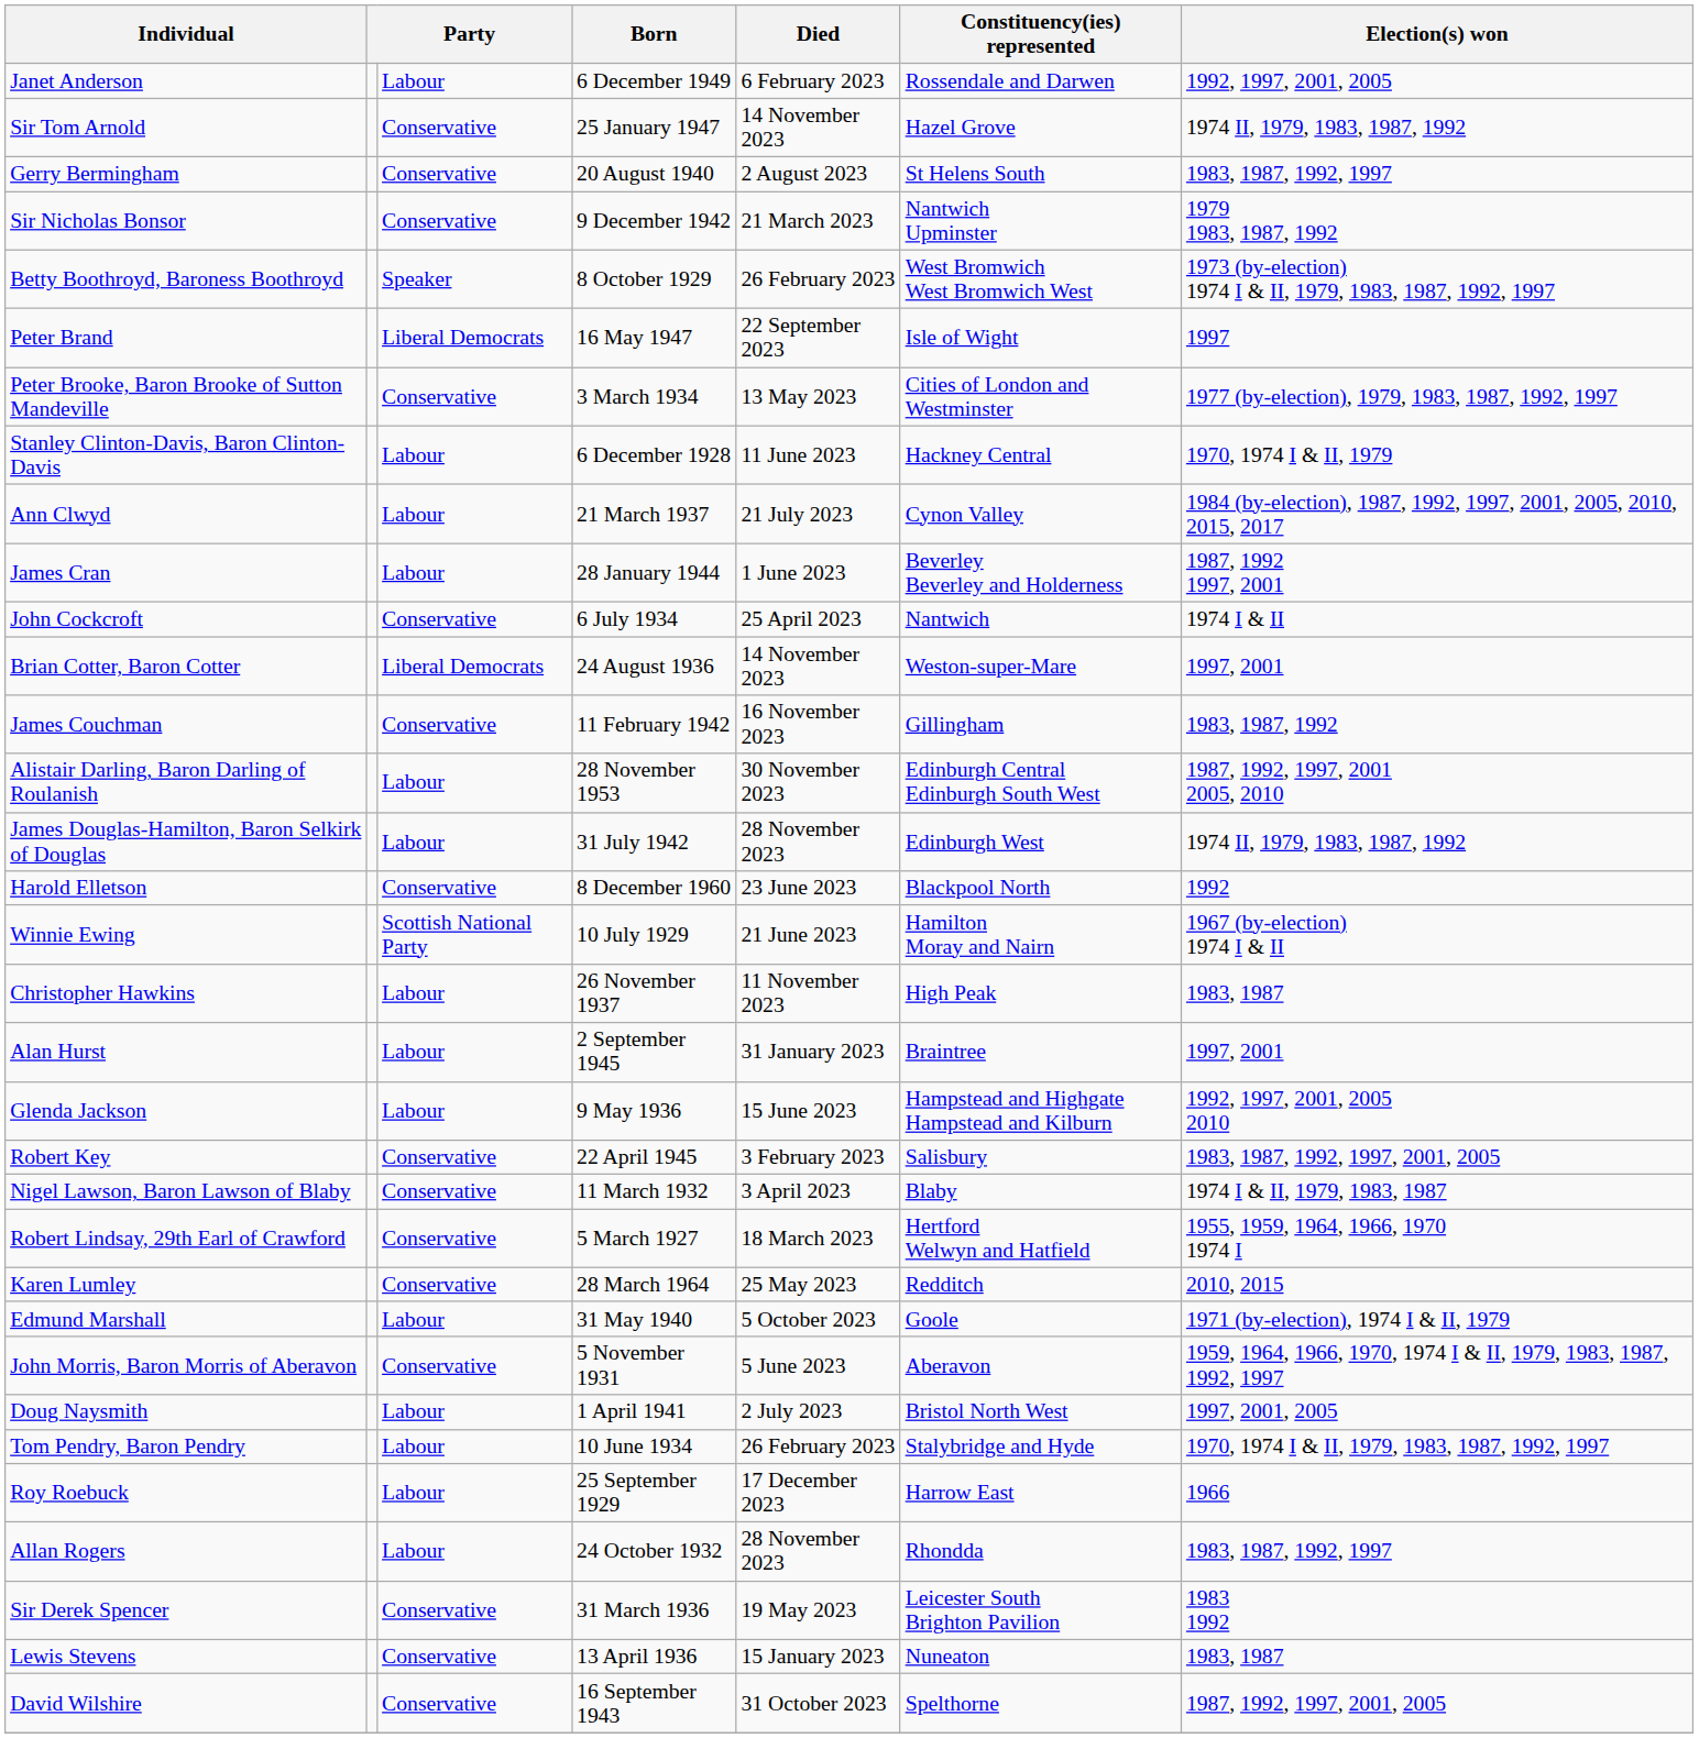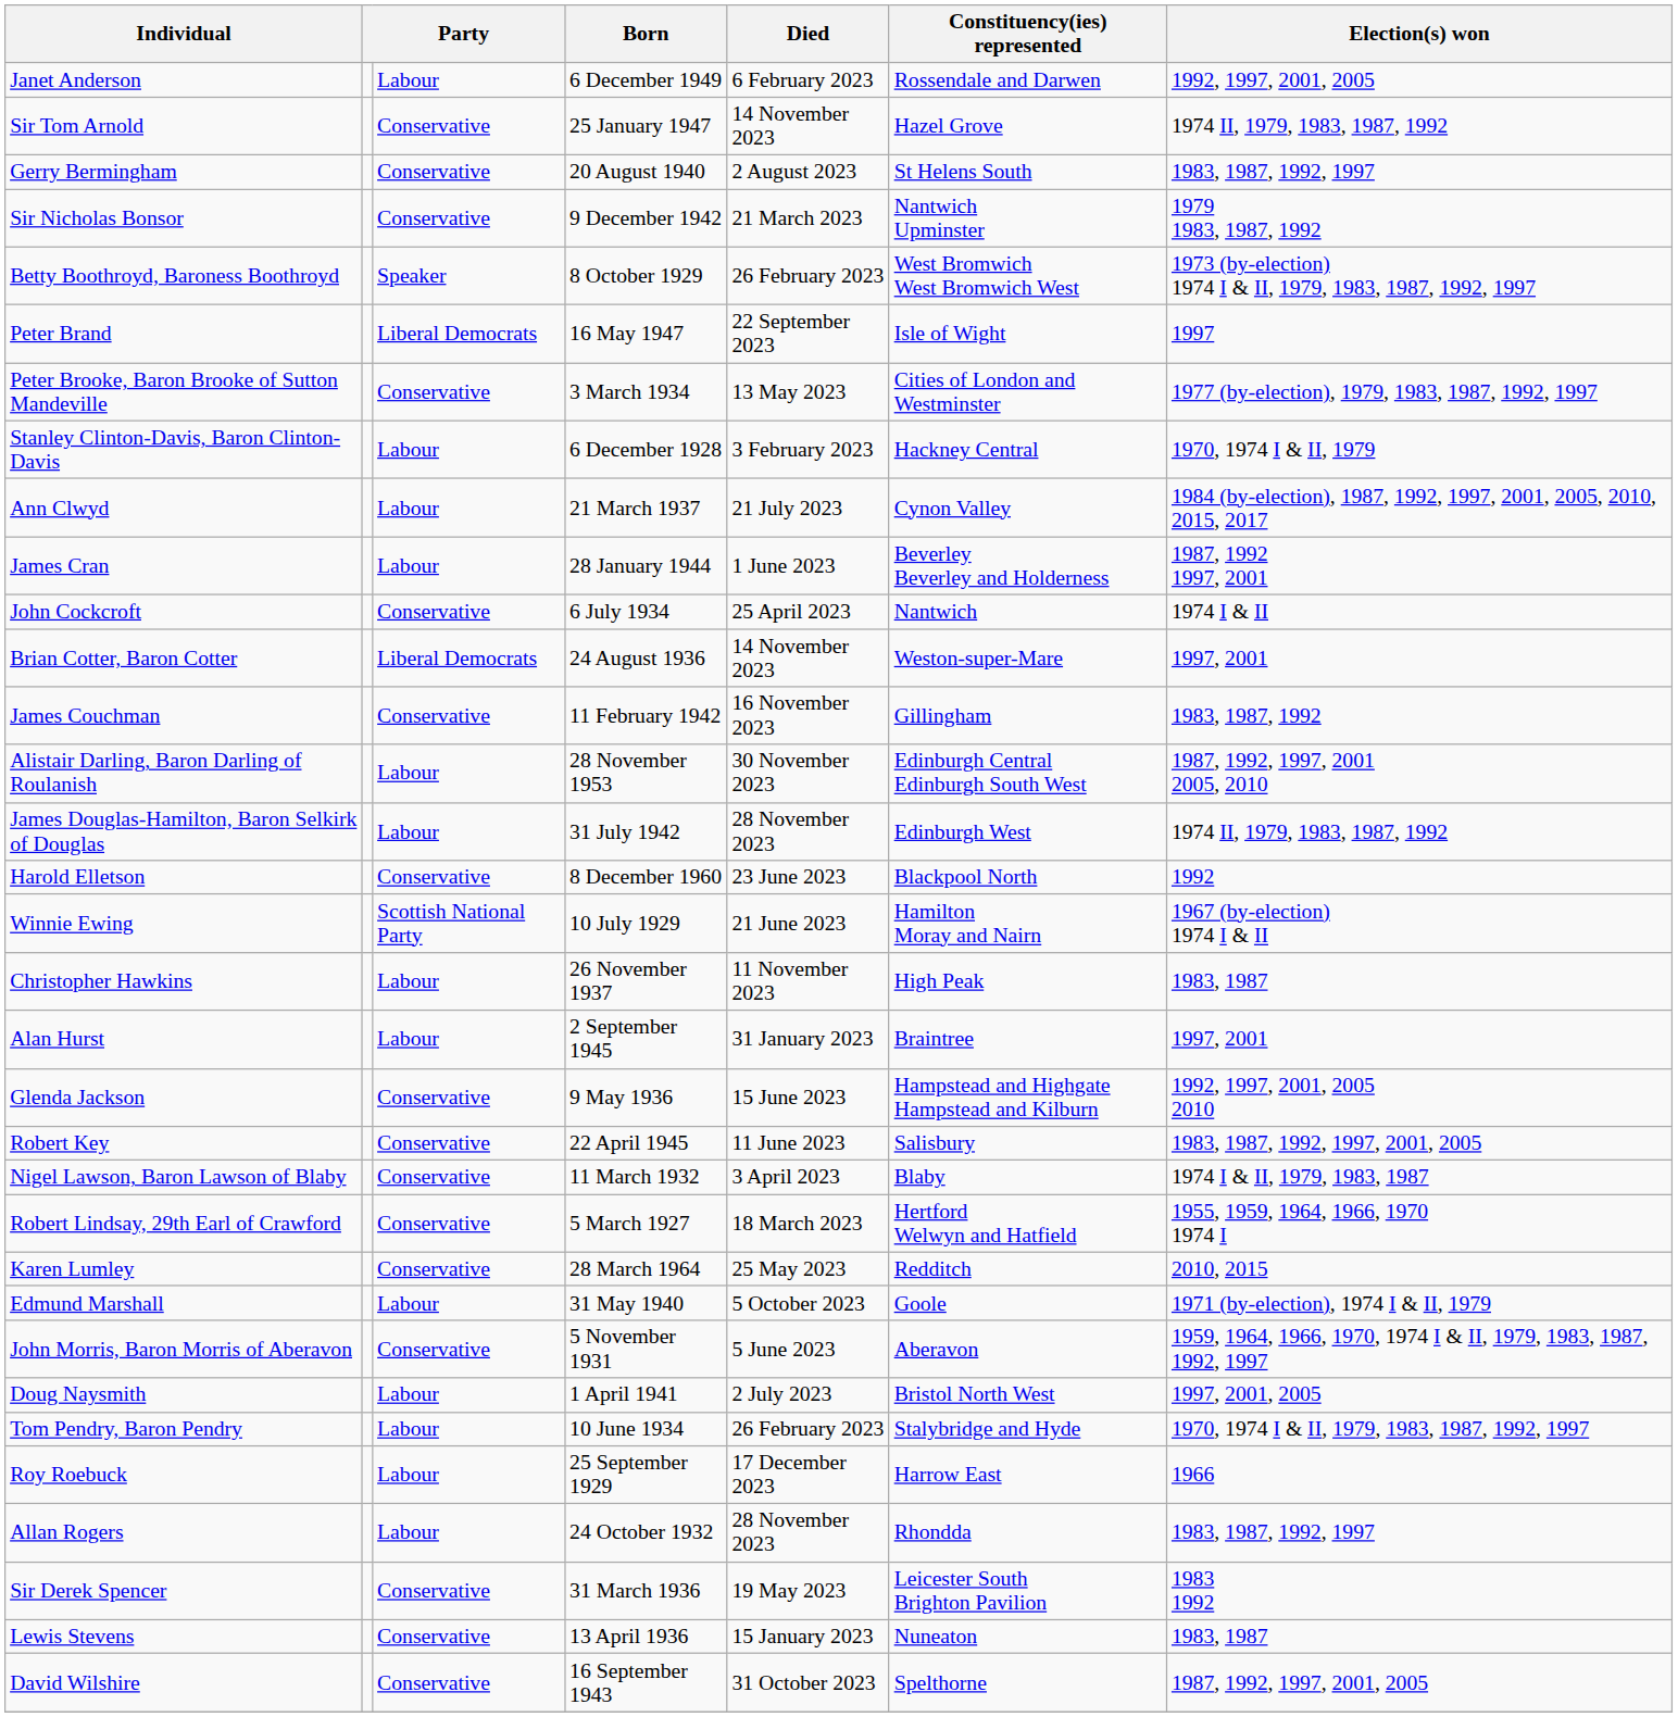 <table class="wikitable sortable">
 <tr>
 <th width="260px">Individual</th>
 <th colspan="2">Party</th>
 <th>Born</th>
 <th>Died</th>
 <th>Constituency(ies) represented</th>
 <th>Election(s) won</th>
 </tr>
 <tr>
 <td><a href='#'>Janet Anderson</a></td>
 <td style="background-color: "></td>
 <td><a href='#'>Labour</a></td>
 <td>6 December 1949</td>
 <td>6 February 2023</td>
 <td><a href='#'>Rossendale and Darwen</a></td>
 <td><a href='#'>1992</a>, <a href='#'>1997</a>, <a href='#'>2001</a>, <a href='#'>2005</a></td>
 </tr>
 <tr>
 <td><a href='#'>Sir Tom Arnold</a></td>
 <td style="background-color: "></td>
 <td><a href='#'>Conservative</a></td>
 <td>25 January 1947</td>
 <td>14 November 2023</td>
 <td><a href='#'>Hazel Grove</a></td>
 <td>1974 <a href='#'>II</a>, <a href='#'>1979</a>, <a href='#'>1983</a>, <a href='#'>1987</a>, <a href='#'>1992</a></td>
 </tr>
 <tr>
 <td><a href='#'>Gerry Bermingham</a></td>
 <td style="background-color: "></td>
 <td><a href='#'>Conservative</a></td>
 <td>20 August 1940</td>
 <td>2 August 2023</td>
 <td><a href='#'>St Helens South</a></td>
 <td><a href='#'>1983</a>, <a href='#'>1987</a>, <a href='#'>1992</a>, <a href='#'>1997</a></td>
 </tr>
 <tr>
 <td><a href='#'>Sir Nicholas Bonsor</a></td>
 <td style="background-color: "></td>
 <td><a href='#'>Conservative</a></td>
 <td>9 December 1942</td>
 <td>21 March 2023</td>
 <td><a href='#'>Nantwich</a><br><a href='#'>Upminster</a></td>
 <td><a href='#'>1979</a><br><a href='#'>1983</a>, <a href='#'>1987</a>, <a href='#'>1992</a></td>
 </tr>
 <tr>
 <td><a href='#'>Betty Boothroyd, Baroness Boothroyd</a></td>
 <td style="background-color: "></td>
 <td><a href='#'>Speaker</a></td>
 <td>8 October 1929</td>
 <td>26 February 2023</td>
 <td><a href='#'>West Bromwich</a><br><a href='#'>West Bromwich West</a></td>
 <td><a href='#'>1973 (by-election)</a><br>1974 <a href='#'>I</a> & <a href='#'>II</a>, <a href='#'>1979</a>, <a href='#'>1983</a>, <a href='#'>1987</a>, <a href='#'>1992</a>, <a href='#'>1997</a></td>
 </tr>
 <tr>
 <td><a href='#'>Peter Brand</a></td>
 <td style="background-color: "></td>
 <td><a href='#'>Liberal Democrats</a></td>
 <td>16 May 1947</td>
 <td>22 September 2023</td>
 <td><a href='#'>Isle of Wight</a></td>
 <td><a href='#'>1997</a></td>
 </tr>
 <tr>
 <td><a href='#'>Peter Brooke, Baron Brooke of Sutton Mandeville</a></td>
 <td style="background-color: "></td>
 <td><a href='#'>Conservative</a></td>
 <td>3 March 1934</td>
 <td>13 May 2023</td>
 <td><a href='#'>Cities of London and Westminster</a></td>
 <td><a href='#'>1977 (by-election)</a>, <a href='#'>1979</a>, <a href='#'>1983</a>, <a href='#'>1987</a>, <a href='#'>1992</a>, <a href='#'>1997</a></td>
 </tr>
 <tr>
 <td><a href='#'>Stanley Clinton-Davis, Baron Clinton-Davis</a></td>
 <td style="background-color: "></td>
 <td><a href='#'>Labour</a></td>
 <td>6 December 1928</td>
-<td>11 June 2023</td>
+<td>3 February 2023</td>
 <td><a href='#'>Hackney Central</a></td>
 <td><a href='#'>1970</a>, 1974 <a href='#'>I</a> & <a href='#'>II</a>, <a href='#'>1979</a></td>
 </tr>
 <tr>
 <td><a href='#'>Ann Clwyd</a></td>
 <td style="background-color: "></td>
 <td><a href='#'>Labour</a></td>
 <td>21 March 1937</td>
 <td>21 July 2023</td>
 <td><a href='#'>Cynon Valley</a></td>
 <td><a href='#'>1984 (by-election)</a>, <a href='#'>1987</a>, <a href='#'>1992</a>, <a href='#'>1997</a>, <a href='#'>2001</a>, <a href='#'>2005</a>, <a href='#'>2010</a>, <a href='#'>2015</a>, <a href='#'>2017</a></td>
 </tr>
 <tr>
 <td><a href='#'>James Cran</a></td>
 <td style="background-color: "></td>
 <td><a href='#'>Labour</a></td>
 <td>28 January 1944</td>
 <td> 1 June 2023</td>
 <td><a href='#'>Beverley</a><br><a href='#'>Beverley and Holderness</a></td>
 <td><a href='#'>1987</a>, <a href='#'>1992</a><br><a href='#'>1997</a>, <a href='#'>2001</a></td>
 </tr>
 <tr>
 <td><a href='#'>John Cockcroft</a></td>
 <td style="background-color: "></td>
 <td><a href='#'>Conservative</a></td>
 <td>6 July 1934</td>
 <td>25 April 2023</td>
 <td><a href='#'>Nantwich</a></td>
 <td>1974 <a href='#'>I</a> & <a href='#'>II</a></td>
 </tr>
 <tr>
 <td><a href='#'>Brian Cotter, Baron Cotter</a></td>
 <td style="background-color: "></td>
 <td><a href='#'>Liberal Democrats</a></td>
 <td>24 August 1936</td>
 <td>14 November 2023</td>
 <td><a href='#'>Weston-super-Mare</a></td>
 <td><a href='#'>1997</a>, <a href='#'>2001</a></td>
 </tr>
 <tr>
 <td><a href='#'>James Couchman</a></td>
 <td style="background-color: "></td>
 <td><a href='#'>Conservative</a></td>
 <td>11 February 1942</td>
 <td>16 November 2023</td>
 <td><a href='#'>Gillingham</a></td>
 <td><a href='#'>1983</a>, <a href='#'>1987</a>, <a href='#'>1992</a></td>
 </tr>
 <tr>
 <td><a href='#'>Alistair Darling, Baron Darling of Roulanish</a></td>
 <td style="background-color: "></td>
 <td><a href='#'>Labour</a></td>
 <td>28 November 1953</td>
 <td>30 November 2023</td>
 <td><a href='#'>Edinburgh Central</a><br><a href='#'>Edinburgh South West</a></td>
 <td><a href='#'>1987</a>, <a href='#'>1992</a>, <a href='#'>1997</a>, <a href='#'>2001</a><br><a href='#'>2005</a>, <a href='#'>2010</a></td>
 </tr>
 <tr>
 <td><a href='#'>James Douglas-Hamilton, Baron Selkirk of Douglas</a></td>
 <td style="background-color: "></td>
 <td><a href='#'>Labour</a></td>
 <td>31 July 1942</td>
 <td>28 November 2023</td>
 <td><a href='#'>Edinburgh West</a></td>
 <td>1974 <a href='#'>II</a>, <a href='#'>1979</a>, <a href='#'>1983</a>, <a href='#'>1987</a>, <a href='#'>1992</a></td>
 </tr>
 <tr>
 <td><a href='#'>Harold Elletson</a></td>
 <td style="background-color: "></td>
 <td><a href='#'>Conservative</a></td>
 <td>8 December 1960</td>
 <td>23 June 2023</td>
 <td><a href='#'>Blackpool North</a></td>
 <td><a href='#'>1992</a></td>
 </tr>
 <tr>
 <td><a href='#'>Winnie Ewing</a></td>
 <td style="background-color: "></td>
 <td><a href='#'>Scottish National Party</a></td>
 <td>10 July 1929</td>
 <td>21 June 2023</td>
 <td><a href='#'>Hamilton</a><br><a href='#'>Moray and Nairn</a></td>
 <td><a href='#'>1967 (by-election)</a><br>1974 <a href='#'>I</a> & <a href='#'>II</a></td>
 </tr>
 <tr>
 <td><a href='#'>Christopher Hawkins</a></td>
 <td style="background-color: "></td>
 <td><a href='#'>Labour</a></td>
 <td>26 November 1937</td>
 <td>11 November 2023</td>
 <td><a href='#'>High Peak</a></td>
 <td><a href='#'>1983</a>, <a href='#'>1987</a></td>
 </tr>
 <tr>
 <td><a href='#'>Alan Hurst</a></td>
 <td style="background-color: "></td>
 <td><a href='#'>Labour</a></td>
 <td>2 September 1945</td>
 <td>31 January 2023</td>
 <td><a href='#'>Braintree</a></td>
 <td><a href='#'>1997</a>, <a href='#'>2001</a></td>
 </tr>
 <tr>
 <td><a href='#'>Glenda Jackson</a></td>
 <td style="background-color: "></td>
-<td><a href='#'>Labour</a></td>
+<td><a href='#'>Conservative</a></td>
 <td>9 May 1936</td>
 <td>15 June 2023</td>
 <td><a href='#'>Hampstead and Highgate</a><br><a href='#'>Hampstead and Kilburn</a></td>
 <td><a href='#'>1992</a>, <a href='#'>1997</a>, <a href='#'>2001</a>, <a href='#'>2005</a><br><a href='#'>2010</a></td>
 </tr>
 <tr>
 <td><a href='#'>Robert Key</a></td>
 <td style="background-color: "></td>
 <td><a href='#'>Conservative</a></td>
 <td>22 April 1945</td>
-<td>3 February 2023</td>
+<td>11 June 2023</td>
 <td><a href='#'>Salisbury</a></td>
 <td><a href='#'>1983</a>, <a href='#'>1987</a>, <a href='#'>1992</a>, <a href='#'>1997</a>, <a href='#'>2001</a>, <a href='#'>2005</a></td>
 </tr>
 <tr>
 <td><a href='#'>Nigel Lawson, Baron Lawson of Blaby</a></td>
 <td style="background-color: "></td>
 <td><a href='#'>Conservative</a></td>
 <td>11 March 1932</td>
 <td>3 April 2023</td>
 <td><a href='#'>Blaby</a></td>
 <td>1974 <a href='#'>I</a> & <a href='#'>II</a>, <a href='#'>1979</a>, <a href='#'>1983</a>, <a href='#'>1987</a></td>
 </tr>
 <tr>
 <td><a href='#'>Robert Lindsay, 29th Earl of Crawford</a></td>
 <td style="background-color: "></td>
 <td><a href='#'>Conservative</a></td>
 <td>5 March 1927</td>
 <td>18 March 2023</td>
 <td><a href='#'>Hertford</a><br><a href='#'>Welwyn and Hatfield</a></td>
 <td><a href='#'>1955</a>, <a href='#'>1959</a>, <a href='#'>1964</a>, <a href='#'>1966</a>, <a href='#'>1970</a><br>1974 <a href='#'>I</a></td>
 </tr>
 <tr>
 <td><a href='#'>Karen Lumley</a></td>
 <td style="background-color: "></td>
 <td><a href='#'>Conservative</a></td>
 <td>28 March 1964</td>
 <td>25 May 2023</td>
 <td><a href='#'>Redditch</a></td>
 <td><a href='#'>2010</a>, <a href='#'>2015</a></td>
 </tr>
 <tr>
 <td><a href='#'>Edmund Marshall</a></td>
 <td style="background-color: "></td>
 <td><a href='#'>Labour</a></td>
 <td>31 May 1940</td>
 <td>5 October 2023</td>
 <td><a href='#'>Goole</a></td>
 <td><a href='#'>1971 (by-election)</a>, 1974 <a href='#'>I</a> & <a href='#'>II</a>, <a href='#'>1979</a></td>
 </tr>
 <tr>
 <td><a href='#'>John Morris, Baron Morris of Aberavon</a></td>
 <td style="background-color: "></td>
 <td><a href='#'>Conservative</a></td>
 <td>5 November 1931</td>
 <td>5 June 2023</td>
 <td><a href='#'>Aberavon</a></td>
 <td><a href='#'>1959</a>, <a href='#'>1964</a>, <a href='#'>1966</a>, <a href='#'>1970</a>, 1974 <a href='#'>I</a> & <a href='#'>II</a>, <a href='#'>1979</a>, <a href='#'>1983</a>, <a href='#'>1987</a>, <a href='#'>1992</a>, <a href='#'>1997</a></td>
 </tr>
 <tr>
 <td><a href='#'>Doug Naysmith</a></td>
 <td style="background-color: "></td>
 <td><a href='#'>Labour</a></td>
 <td>1 April 1941</td>
 <td>2 July 2023</td>
 <td><a href='#'>Bristol North West</a></td>
 <td><a href='#'>1997</a>, <a href='#'>2001</a>, <a href='#'>2005</a></td>
 </tr>
 <tr>
 <td><a href='#'>Tom Pendry, Baron Pendry</a></td>
 <td style="background-color: "></td>
 <td><a href='#'>Labour</a></td>
 <td>10 June 1934</td>
 <td>26 February 2023</td>
 <td><a href='#'>Stalybridge and Hyde</a></td>
 <td><a href='#'>1970</a>, 1974 <a href='#'>I</a> & <a href='#'>II</a>, <a href='#'>1979</a>, <a href='#'>1983</a>, <a href='#'>1987</a>, <a href='#'>1992</a>, <a href='#'>1997</a></td>
 </tr>
 <tr>
 <td><a href='#'>Roy Roebuck</a></td>
 <td style="background-color: "></td>
 <td><a href='#'>Labour</a></td>
 <td>25 September 1929</td>
 <td>17 December 2023</td>
 <td><a href='#'>Harrow East</a></td>
 <td><a href='#'>1966</a></td>
 </tr>
 <tr>
 <td><a href='#'>Allan Rogers</a></td>
 <td style="background-color: "></td>
 <td><a href='#'>Labour</a></td>
 <td>24 October 1932</td>
 <td>28 November 2023</td>
 <td><a href='#'>Rhondda</a></td>
 <td><a href='#'>1983</a>, <a href='#'>1987</a>, <a href='#'>1992</a>, <a href='#'>1997</a></td>
 </tr>
 <tr>
 <td><a href='#'>Sir Derek Spencer</a></td>
 <td style="background-color: "></td>
 <td><a href='#'>Conservative</a></td>
 <td>31 March 1936</td>
 <td>19 May 2023</td>
 <td><a href='#'>Leicester South</a><br><a href='#'>Brighton Pavilion</a></td>
 <td><a href='#'>1983</a><br><a href='#'>1992</a></td>
 </tr>
 <tr>
 <td><a href='#'>Lewis Stevens</a></td>
 <td style="background-color: "></td>
 <td><a href='#'>Conservative</a></td>
 <td>13 April 1936</td>
 <td>15 January 2023</td>
 <td><a href='#'>Nuneaton</a></td>
 <td><a href='#'>1983</a>, <a href='#'>1987</a></td>
 </tr>
 <tr>
 <td><a href='#'>David Wilshire</a></td>
 <td style="background-color: "></td>
 <td><a href='#'>Conservative</a></td>
 <td>16 September 1943</td>
 <td>31 October 2023</td>
 <td><a href='#'>Spelthorne</a></td>
 <td><a href='#'>1987</a>, <a href='#'>1992</a>, <a href='#'>1997</a>, <a href='#'>2001</a>, <a href='#'>2005</a></td>
 </tr>
 <tr>
 </tr>
 </table>
